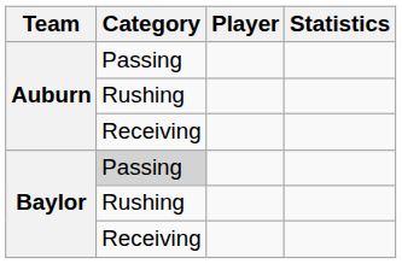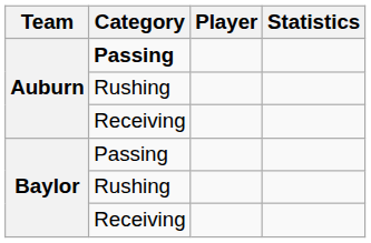 <table class="wikitable" style="float:right">
 <tr>
 <th>Team</th>
 <th>Category</th>
 <th>Player</th>
 <th>Statistics</th>
 </tr>
 <tr>
 <th rowspan=3>Auburn</th>
-<td>Passing</td>
+<td><strong>Passing</strong></td>
 <td></td>
 <td></td>
 </tr>
 <tr>
 <td>Rushing</td>
 <td></td>
 <td></td>
 </tr>
 <tr>
 <td>Receiving</td>
 <td></td>
 <td></td>
 </tr>
 <tr>
 <th rowspan=3>Baylor</th>
-<td style="background: lightgrey;">Passing</td>
+<td>Passing</td>
 <td></td>
 <td></td>
 </tr>
 <tr>
 <td>Rushing</td>
 <td></td>
 <td></td>
 </tr>
 <tr>
 <td>Receiving</td>
 <td></td>
 <td></td>
 </tr>
 </table>
